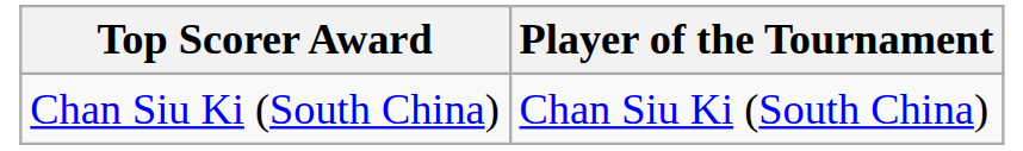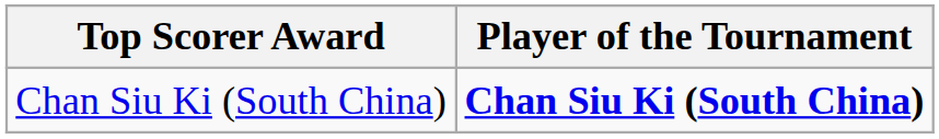 <table class="wikitable" style="margin: 0 auto;">
 <tr>
 <th>Top Scorer Award</th>
 <th>Player of the Tournament</th>
 </tr>
 <tr>
 <td> <a href='#'>Chan Siu Ki</a> (<a href='#'>South China</a>)</td>
-<td> <a href='#'>Chan Siu Ki</a> (<a href='#'>South China</a>)</td>
+<td><strong> <a href='#'>Chan Siu Ki</a> (<a href='#'>South China</a>)</strong></td>
 </tr>
 </table>
